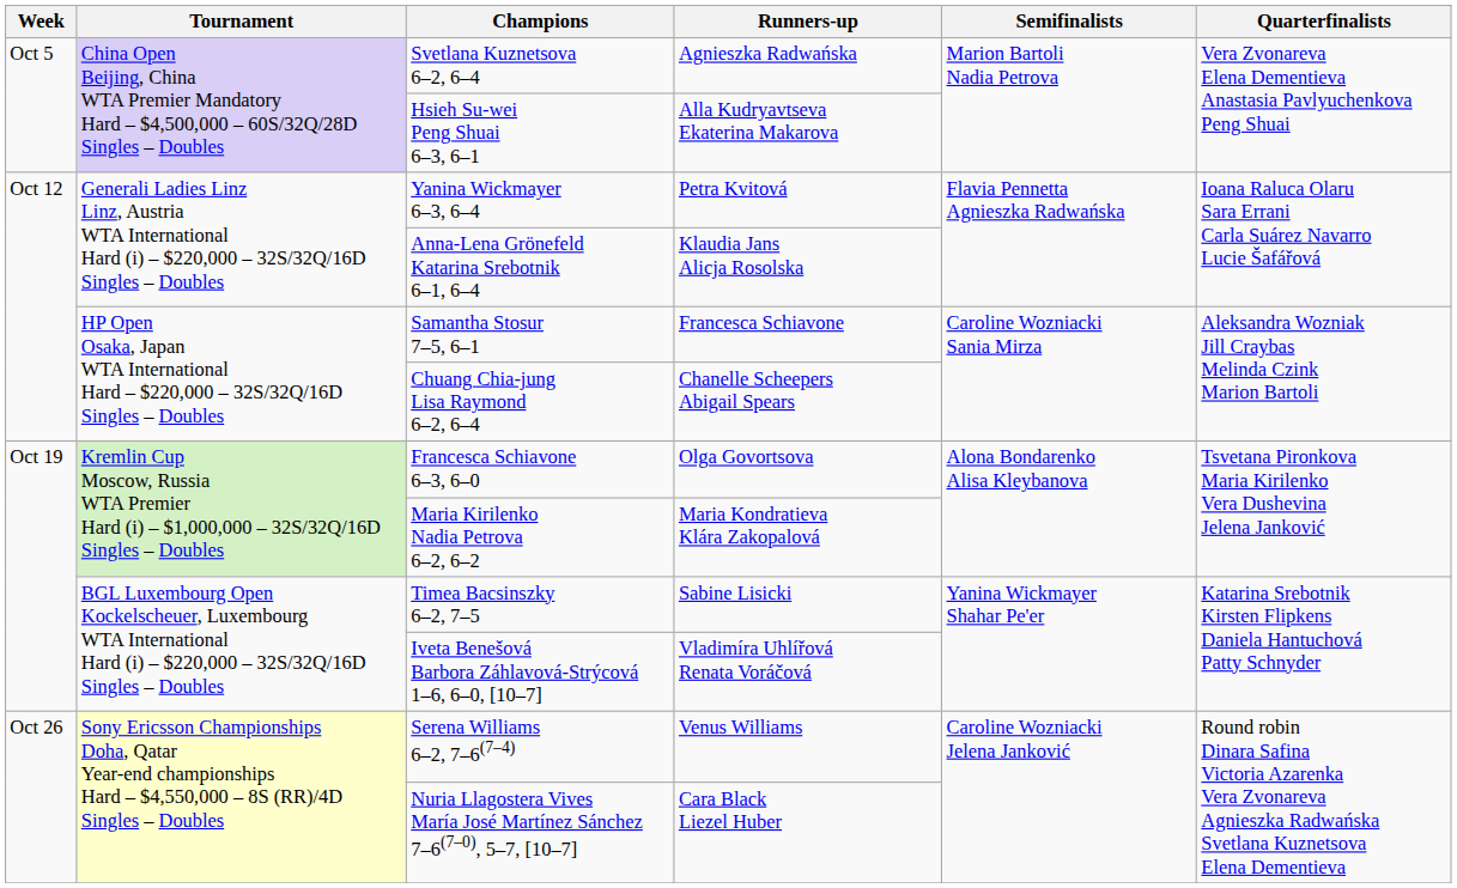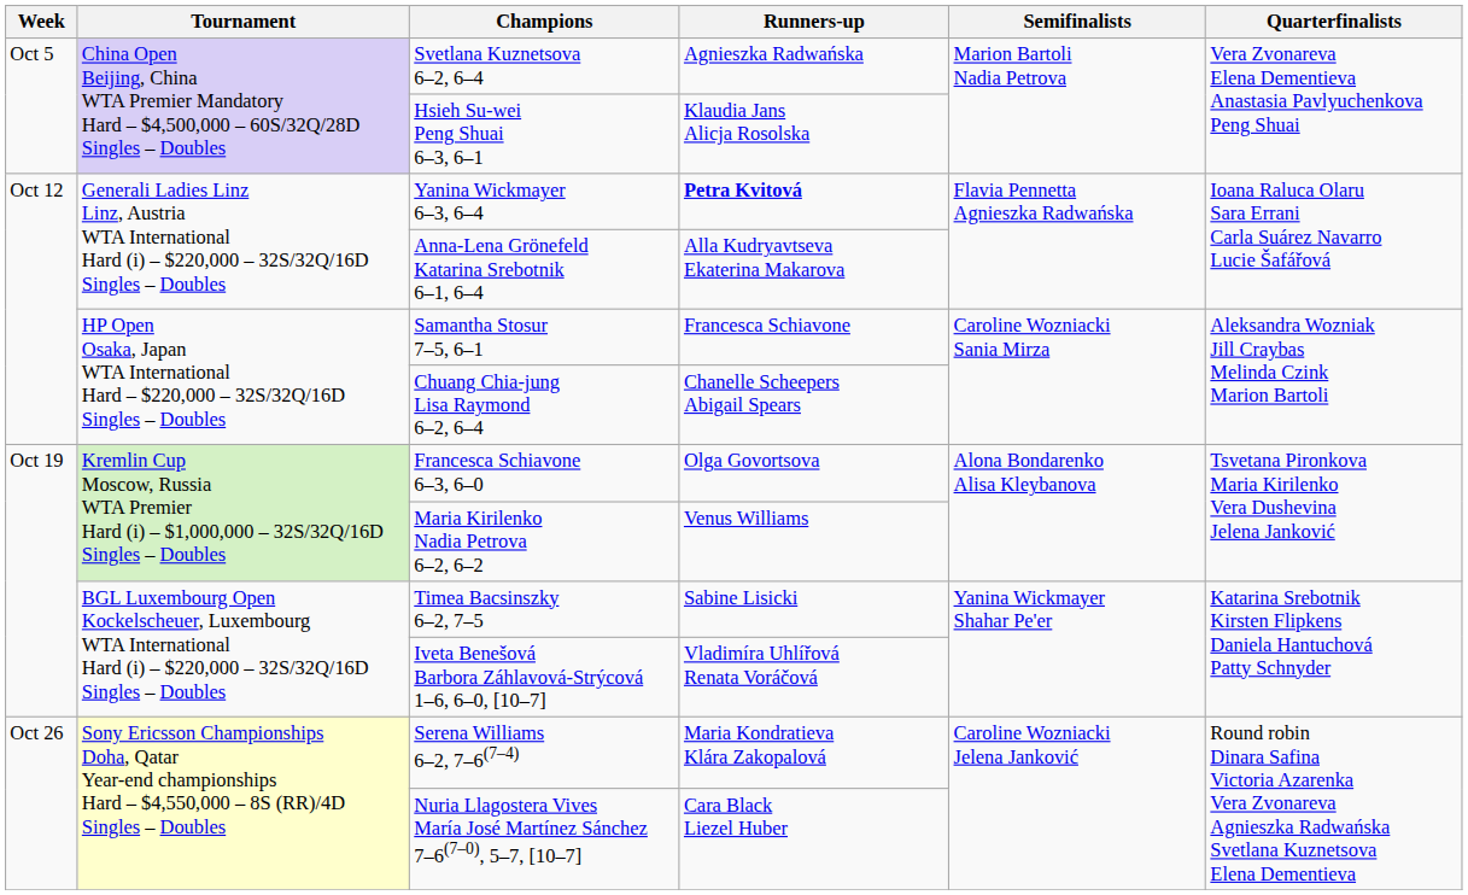 <table class=wikitable style=font-size:95%>
 <tr>
 <th style="width:48px;">Week</th>
 <th style="width:248px;">Tournament</th>
 <th style="width:200px;">Champions</th>
 <th style="width:200px;">Runners-up</th>
 <th style="width:190px;">Semifinalists</th>
 <th style="width:190px;">Quarterfinalists</th>
 </tr>
 <tr valign=top>
 <td rowspan=2>Oct 5</td>
 <td style="background:#d8cef6;" rowspan=2><a href='#'>China Open</a><br><a href='#'>Beijing</a>, China<br>WTA Premier Mandatory<br>Hard – $4,500,000 – 60S/32Q/28D<br><a href='#'>Singles</a> – <a href='#'>Doubles</a></td>
 <td> <a href='#'>Svetlana Kuznetsova</a><br>6–2, 6–4</td>
 <td> <a href='#'>Agnieszka Radwańska</a></td>
 <td rowspan=2> <a href='#'>Marion Bartoli</a><br>  <a href='#'>Nadia Petrova</a></td>
 <td rowspan=2> <a href='#'>Vera Zvonareva</a> <br>  <a href='#'>Elena Dementieva</a>  <br>  <a href='#'>Anastasia Pavlyuchenkova</a> <br>  <a href='#'>Peng Shuai</a></td>
 </tr>
 <tr valign=top>
 <td> <a href='#'>Hsieh Su-wei</a> <br>  <a href='#'>Peng Shuai</a><br> 6–3, 6–1</td>
-<td> <a href='#'>Alla Kudryavtseva</a> <br>  <a href='#'>Ekaterina Makarova</a></td>
+<td> <a href='#'>Klaudia Jans</a> <br>  <a href='#'>Alicja Rosolska</a></td>
 </tr>
 <tr valign=top>
 <td rowspan=4>Oct 12</td>
 <td rowspan=2><a href='#'>Generali Ladies Linz</a><br> <a href='#'>Linz</a>, Austria<br>WTA International<br>Hard (i) – $220,000 – 32S/32Q/16D<br><a href='#'>Singles</a> – <a href='#'>Doubles</a></td>
 <td> <a href='#'>Yanina Wickmayer</a><br>6–3, 6–4</td>
-<td> <a href='#'>Petra Kvitová</a></td>
+<td><strong> <a href='#'>Petra Kvitová</a></strong></td>
 <td rowspan=2> <a href='#'>Flavia Pennetta</a><br> <a href='#'>Agnieszka Radwańska</a></td>
 <td rowspan=2> <a href='#'>Ioana Raluca Olaru</a> <br>  <a href='#'>Sara Errani</a> <br>  <a href='#'>Carla Suárez Navarro</a> <br>  <a href='#'>Lucie Šafářová</a></td>
 </tr>
 <tr valign=top>
 <td> <a href='#'>Anna-Lena Grönefeld</a> <br> <a href='#'>Katarina Srebotnik</a> <br> 6–1, 6–4</td>
-<td> <a href='#'>Klaudia Jans</a> <br>  <a href='#'>Alicja Rosolska</a></td>
+<td> <a href='#'>Alla Kudryavtseva</a> <br>  <a href='#'>Ekaterina Makarova</a></td>
 </tr>
 <tr valign=top>
 <td rowspan=2><a href='#'>HP Open</a><br> <a href='#'>Osaka</a>, Japan<br>WTA International<br>Hard – $220,000 – 32S/32Q/16D<br><a href='#'>Singles</a> – <a href='#'>Doubles</a></td>
 <td> <a href='#'>Samantha Stosur</a><br> 7–5, 6–1</td>
 <td> <a href='#'>Francesca Schiavone</a></td>
 <td rowspan=2> <a href='#'>Caroline Wozniacki</a><br>   <a href='#'>Sania Mirza</a></td>
 <td rowspan=2> <a href='#'>Aleksandra Wozniak</a> <br>  <a href='#'>Jill Craybas</a> <br> <a href='#'>Melinda Czink</a> <br>  <a href='#'>Marion Bartoli</a></td>
 </tr>
 <tr valign=top>
 <td> <a href='#'>Chuang Chia-jung</a>  <br>  <a href='#'>Lisa Raymond</a> <br>6–2, 6–4</td>
 <td> <a href='#'>Chanelle Scheepers</a> <br>  <a href='#'>Abigail Spears</a></td>
 </tr>
 <tr valign=top>
 <td rowspan=4>Oct 19</td>
 <td style="background:#d4f1c5;" rowspan=2><a href='#'>Kremlin Cup</a><br>Moscow, Russia<br>WTA Premier<br>Hard (i) – $1,000,000 – 32S/32Q/16D<br><a href='#'>Singles</a> – <a href='#'>Doubles</a></td>
 <td> <a href='#'>Francesca Schiavone</a> <br>6–3, 6–0</td>
 <td> <a href='#'>Olga Govortsova</a></td>
 <td rowspan=2> <a href='#'>Alona Bondarenko</a><br> <a href='#'>Alisa Kleybanova</a></td>
 <td rowspan=2> <a href='#'>Tsvetana Pironkova</a> <br> <a href='#'>Maria Kirilenko</a> <br> <a href='#'>Vera Dushevina</a><br> <a href='#'>Jelena Janković</a></td>
 </tr>
 <tr valign=top>
 <td> <a href='#'>Maria Kirilenko</a> <br> <a href='#'>Nadia Petrova</a><br>6–2, 6–2</td>
-<td> <a href='#'>Maria Kondratieva</a> <br> <a href='#'>Klára Zakopalová</a></td>
+<td> <a href='#'>Venus Williams</a></td>
 </tr>
 <tr valign=top>
 <td rowspan=2><a href='#'>BGL Luxembourg Open</a><br> <a href='#'>Kockelscheuer</a>, Luxembourg<br>WTA International<br>Hard (i) – $220,000 – 32S/32Q/16D<br><a href='#'>Singles</a> – <a href='#'>Doubles</a></td>
 <td> <a href='#'>Timea Bacsinszky</a><br>6–2, 7–5</td>
 <td> <a href='#'>Sabine Lisicki</a></td>
 <td rowspan=2> <a href='#'>Yanina Wickmayer</a><br> <a href='#'>Shahar Pe'er</a></td>
 <td rowspan=2> <a href='#'>Katarina Srebotnik</a><br> <a href='#'>Kirsten Flipkens</a><br>  <a href='#'>Daniela Hantuchová</a><br>  <a href='#'>Patty Schnyder</a></td>
 </tr>
 <tr valign=top>
 <td> <a href='#'>Iveta Benešová</a><br> <a href='#'>Barbora Záhlavová-Strýcová</a> <br>1–6, 6–0, [10–7]</td>
 <td> <a href='#'>Vladimíra Uhlířová</a> <br> <a href='#'>Renata Voráčová</a></td>
 </tr>
 <tr valign=top>
 <td rowspan=2>Oct 26</td>
 <td bgcolor="#ffffcc" rowspan=2><a href='#'>Sony Ericsson Championships</a><br> <a href='#'>Doha</a>, Qatar<br>Year-end championships<br>Hard – $4,550,000 – 8S (RR)/4D<br><a href='#'>Singles</a> – <a href='#'>Doubles</a></td>
 <td> <a href='#'>Serena Williams</a><br>6–2, 7–6<sup>(7–4)</sup></td>
-<td> <a href='#'>Venus Williams</a></td>
+<td> <a href='#'>Maria Kondratieva</a> <br> <a href='#'>Klára Zakopalová</a></td>
 <td rowspan=2> <a href='#'>Caroline Wozniacki</a> <br>  <a href='#'>Jelena Janković</a></td>
 <td rowspan=2>Round robin<br> <a href='#'>Dinara Safina</a><br> <a href='#'>Victoria Azarenka</a><br> <a href='#'>Vera Zvonareva</a> <br>  <a href='#'>Agnieszka Radwańska</a><br> <a href='#'>Svetlana Kuznetsova</a><br> <a href='#'>Elena Dementieva</a></td>
 </tr>
 <tr valign=top>
 <td> <a href='#'>Nuria Llagostera Vives</a><br> <a href='#'>María José Martínez Sánchez</a><br>7–6<sup>(7–0)</sup>, 5–7, [10–7]</td>
 <td> <a href='#'>Cara Black</a> <br> <a href='#'>Liezel Huber</a></td>
 </tr>
 </table>
